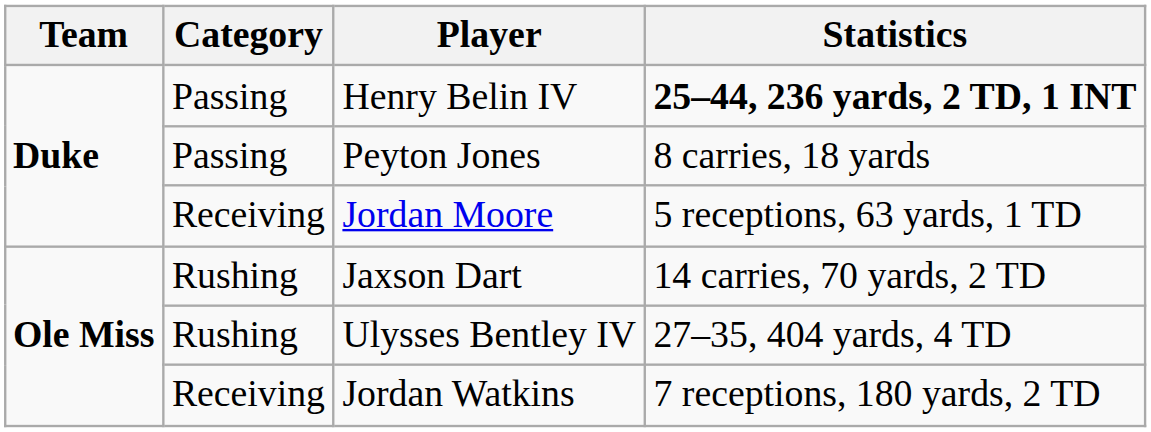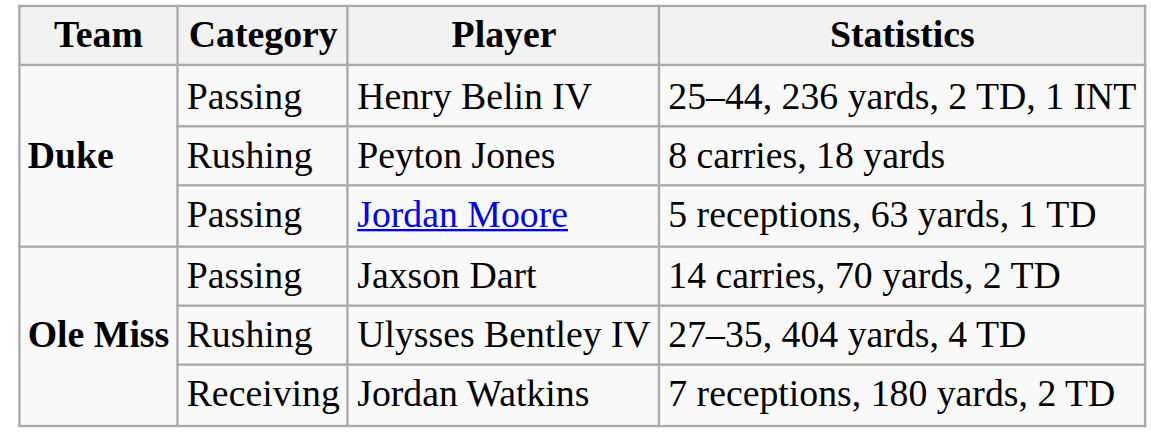 <table class="wikitable" style="float: right;">
 <tr>
 <th>Team</th>
 <th>Category</th>
 <th>Player</th>
 <th>Statistics</th>
 </tr>
 <tr>
 <td rowspan=3><strong>Duke</strong></td>
 <td>Passing</td>
 <td>Henry Belin IV</td>
-<td><strong>25–44, 236 yards, 2 TD, 1 INT</strong></td>
+<td>25–44, 236 yards, 2 TD, 1 INT</td>
 </tr>
 <tr>
-<td>Passing</td>
+<td>Rushing</td>
 <td>Peyton Jones</td>
 <td>8 carries, 18 yards</td>
 </tr>
 <tr>
-<td>Receiving</td>
+<td>Passing</td>
 <td><a href='#'>Jordan Moore</a></td>
 <td>5 receptions, 63 yards, 1 TD</td>
 </tr>
 <tr>
 <td rowspan=3><strong>Ole Miss</strong></td>
-<td>Rushing</td>
+<td>Passing</td>
 <td>Jaxson Dart</td>
 <td>14 carries, 70 yards, 2 TD</td>
 </tr>
 <tr>
 <td>Rushing</td>
 <td>Ulysses Bentley IV</td>
 <td>27–35, 404 yards, 4 TD</td>
 </tr>
 <tr>
 <td>Receiving</td>
 <td>Jordan Watkins</td>
 <td>7 receptions, 180 yards, 2 TD</td>
 </tr>
 </table>
